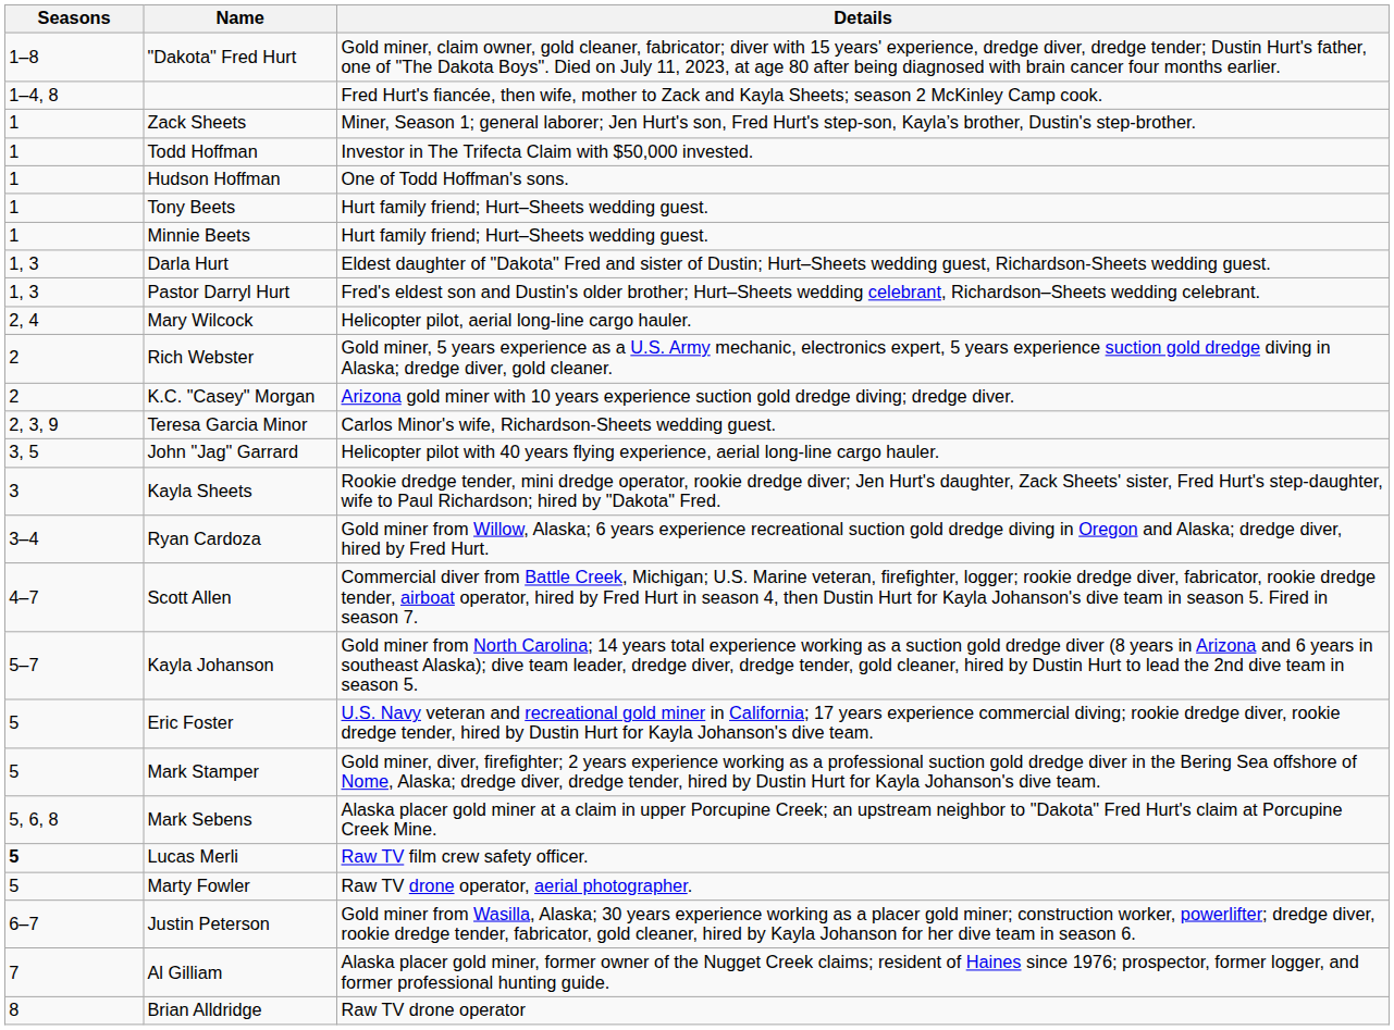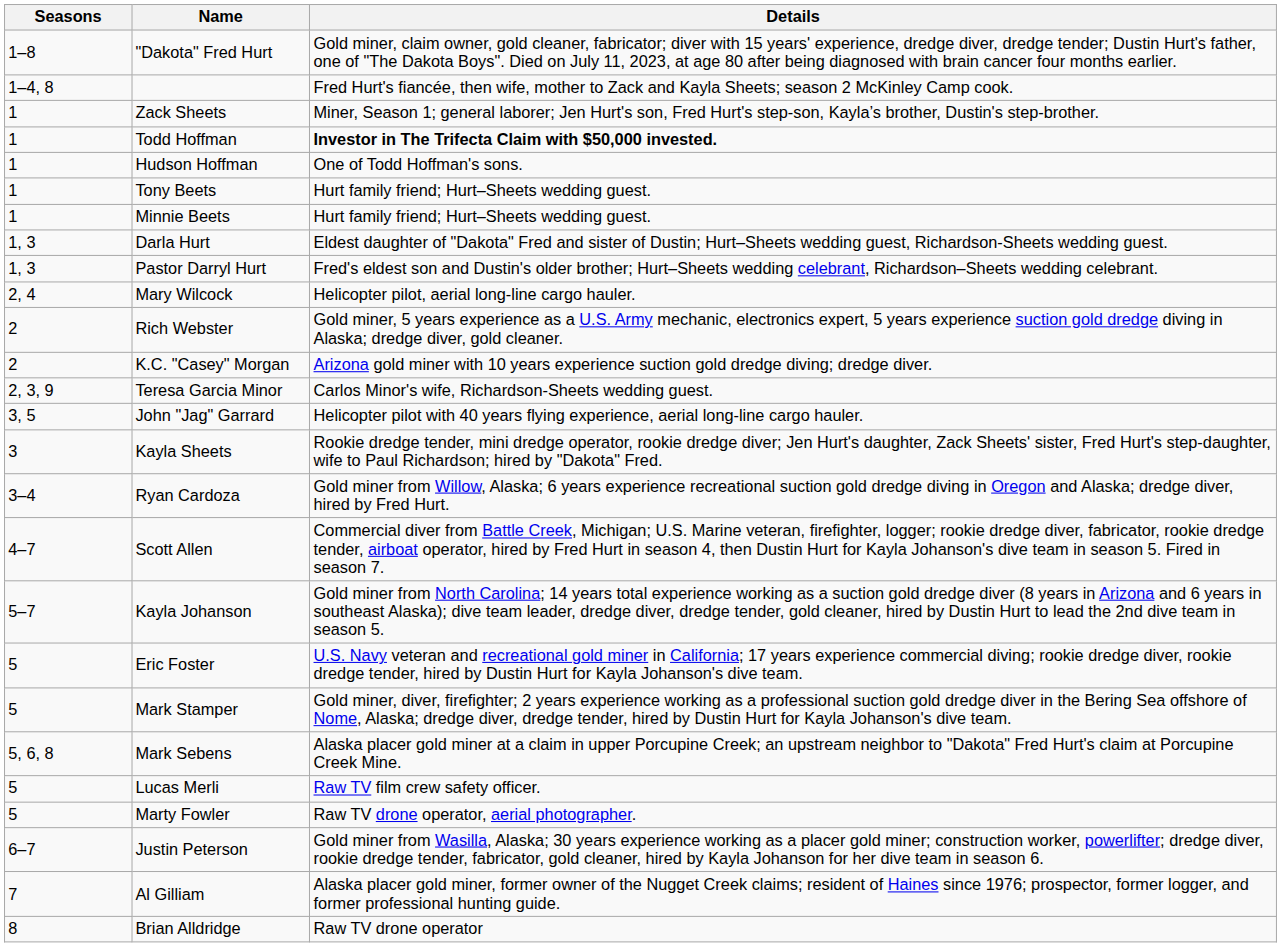 <table class=wikitable>
 <tr>
 <th style="width:10%;">Seasons</th>
 <th style="width:14%;">Name</th>
 <th colspan="12" style="width:76%;">Details</th>
 </tr>
 <tr>
 <td>1–8</td>
 <td>"Dakota" Fred Hurt<br></td>
 <td>Gold miner, claim owner, gold cleaner, fabricator; diver with 15 years' experience, dredge diver, dredge tender; Dustin Hurt's father, one of "The Dakota Boys". Died on July 11, 2023, at age 80 after being diagnosed with brain cancer four months earlier.</td>
 </tr>
 <tr>
 <td>1–4, 8</td>
 <td></td>
 <td>Fred Hurt's fiancée, then wife, mother to Zack and Kayla Sheets; season 2 McKinley Camp cook.</td>
 </tr>
 <tr>
 <td>1</td>
 <td>Zack Sheets</td>
 <td>Miner, Season 1; general laborer; Jen Hurt's son, Fred Hurt's step-son, Kayla’s brother, Dustin's step-brother.</td>
 </tr>
 <tr>
 <td>1</td>
 <td>Todd Hoffman</td>
-<td>Investor in The Trifecta Claim with $50,000 invested.</td>
+<td><strong>Investor in The Trifecta Claim with $50,000 invested.</strong></td>
 </tr>
 <tr>
 <td>1</td>
 <td>Hudson Hoffman</td>
 <td>One of Todd Hoffman's sons.</td>
 </tr>
 <tr>
 <td>1</td>
 <td>Tony Beets</td>
 <td>Hurt family friend; Hurt–Sheets wedding guest.</td>
 </tr>
 <tr>
 <td>1</td>
 <td>Minnie Beets</td>
 <td>Hurt family friend; Hurt–Sheets wedding guest.</td>
 </tr>
 <tr>
 <td>1, 3</td>
 <td>Darla Hurt</td>
 <td>Eldest daughter of "Dakota" Fred and sister of Dustin; Hurt–Sheets wedding guest, Richardson-Sheets wedding guest.</td>
 </tr>
 <tr>
 <td>1, 3</td>
 <td>Pastor Darryl Hurt</td>
 <td>Fred's eldest son and Dustin's older brother; Hurt–Sheets wedding <a href='#'>celebrant</a>, Richardson–Sheets wedding celebrant.</td>
 </tr>
 <tr>
 <td>2, 4</td>
 <td>Mary Wilcock</td>
 <td>Helicopter pilot, aerial long-line cargo hauler.</td>
 </tr>
 <tr>
 <td>2</td>
 <td>Rich Webster</td>
 <td>Gold miner, 5 years experience as a <a href='#'>U.S. Army</a> mechanic, electronics expert, 5 years experience <a href='#'>suction gold dredge</a> diving in Alaska; dredge diver, gold cleaner.</td>
 </tr>
 <tr>
 <td>2</td>
 <td>K.C. "Casey" Morgan</td>
 <td><a href='#'>Arizona</a> gold miner with 10 years experience suction gold dredge diving; dredge diver.</td>
 </tr>
 <tr>
 <td>2, 3, 9</td>
 <td>Teresa Garcia Minor</td>
 <td>Carlos Minor's wife, Richardson-Sheets wedding guest.</td>
 </tr>
 <tr>
 <td>3, 5</td>
 <td>John "Jag" Garrard</td>
 <td>Helicopter pilot with 40 years flying experience, aerial long-line cargo hauler.</td>
 </tr>
 <tr>
 <td>3</td>
 <td>Kayla Sheets</td>
 <td>Rookie dredge tender, mini dredge operator, rookie dredge diver; Jen Hurt's daughter, Zack Sheets' sister, Fred Hurt's step-daughter, wife to Paul Richardson; hired by "Dakota" Fred.</td>
 </tr>
 <tr>
 <td>3–4</td>
 <td>Ryan Cardoza</td>
 <td>Gold miner from <a href='#'>Willow</a>, Alaska; 6 years experience recreational suction gold dredge diving in <a href='#'>Oregon</a> and Alaska; dredge diver, hired by Fred Hurt.</td>
 </tr>
 <tr>
 <td>4–7</td>
 <td>Scott Allen</td>
 <td>Commercial diver from <a href='#'>Battle Creek</a>, Michigan; U.S. Marine veteran, firefighter, logger; rookie dredge diver, fabricator, rookie dredge tender, <a href='#'>airboat</a> operator, hired by Fred Hurt in season 4, then Dustin Hurt for Kayla Johanson's dive team in season 5. Fired in season 7.</td>
 </tr>
 <tr>
 <td>5–7</td>
 <td>Kayla Johanson</td>
 <td>Gold miner from <a href='#'>North Carolina</a>; 14 years total experience working as a suction gold dredge diver (8 years in <a href='#'>Arizona</a> and 6 years in southeast Alaska); dive team leader, dredge diver, dredge tender, gold cleaner, hired by Dustin Hurt to lead the 2nd dive team in season 5.</td>
 </tr>
 <tr>
 <td>5</td>
 <td>Eric Foster</td>
 <td><a href='#'>U.S. Navy</a> veteran and <a href='#'>recreational gold miner</a> in <a href='#'>California</a>; 17 years experience commercial diving; rookie dredge diver, rookie dredge tender, hired by Dustin Hurt for Kayla Johanson's dive team.</td>
 </tr>
 <tr>
 <td>5</td>
 <td>Mark Stamper</td>
 <td>Gold miner, diver, firefighter; 2 years experience working as a professional suction gold dredge diver in the Bering Sea offshore of <a href='#'>Nome</a>, Alaska; dredge diver, dredge tender, hired by Dustin Hurt for Kayla Johanson's dive team.</td>
 </tr>
 <tr>
 <td>5, 6, 8</td>
 <td>Mark Sebens</td>
 <td>Alaska placer gold miner at a claim in upper Porcupine Creek; an upstream neighbor to "Dakota" Fred Hurt's claim at Porcupine Creek Mine.</td>
 </tr>
 <tr>
-<td><strong>5</strong></td>
+<td>5</td>
 <td>Lucas Merli</td>
 <td><a href='#'>Raw TV</a> film crew safety officer.</td>
 </tr>
 <tr>
 <td>5</td>
 <td>Marty Fowler</td>
 <td>Raw TV <a href='#'>drone</a> operator, <a href='#'>aerial photographer</a>.</td>
 </tr>
 <tr>
 <td>6–7</td>
 <td>Justin Peterson</td>
 <td>Gold miner from <a href='#'>Wasilla</a>, Alaska; 30 years experience working as a placer gold miner; construction worker, <a href='#'>powerlifter</a>; dredge diver, rookie dredge tender, fabricator, gold cleaner, hired by Kayla Johanson for her dive team in season 6.</td>
 </tr>
 <tr>
 <td>7</td>
 <td>Al Gilliam</td>
 <td>Alaska placer gold miner, former owner of the Nugget Creek claims; resident of <a href='#'>Haines</a> since 1976; prospector, former logger, and former professional hunting guide.</td>
 </tr>
 <tr>
 <td>8</td>
 <td>Brian Alldridge</td>
 <td>Raw TV drone operator</td>
 </tr>
 </table>
